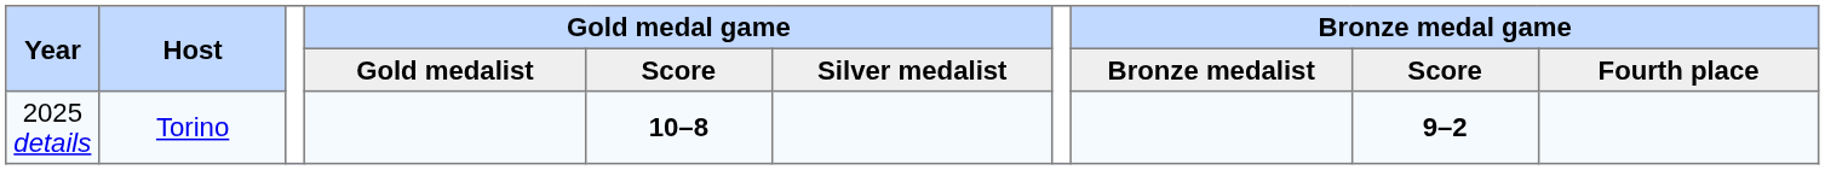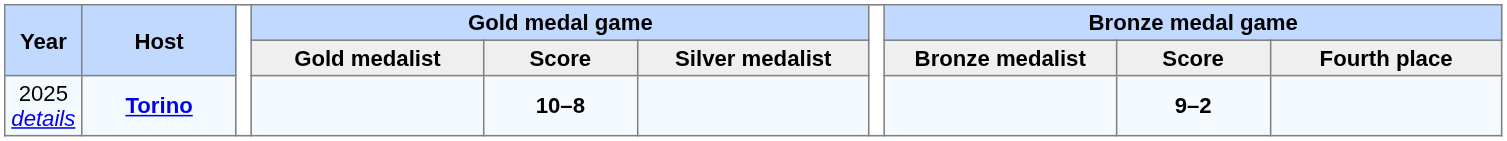 <table border=1 style="border-collapse:collapse; font-size:90%; text-align:center;" cellpadding=3 cellspacing=0>
 <tr bgcolor=#C1D8FF>
 <th rowspan=2 width=5%>Year</th>
 <th rowspan=2 width=10%>Host</th>
 <th width=1% rowspan=10 bgcolor=ffffff></th>
 <th colspan=3>Gold medal game</th>
 <th width=1% rowspan=10 bgcolor=ffffff></th>
 <th colspan=3>Bronze medal game</th>
 </tr>
 <tr bgcolor=#EFEFEF>
 <th width=15%>Gold medalist</th>
 <th width=10%>Score</th>
 <th width=15%>Silver medalist</th>
 <th width=15%>Bronze medalist</th>
 <th width=10%>Score</th>
 <th width=15%>Fourth place</th>
 </tr>
 <tr bgcolor=#F5FAFF>
 <td>2025<br><em><a href='#'>details</a></em></td>
-<td><a href='#'>Torino</a></td>
+<td><strong><a href='#'>Torino</a></strong></td>
 <td><strong></strong></td>
 <td><strong>10–8</strong></td>
 <td></td>
 <td></td>
 <td><strong>9–2</strong></td>
 <td></td>
 </tr>
 </table>
